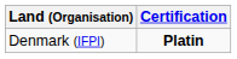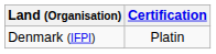 <table class="wikitable">
 <tr>
 <th>Land <small>(Organisation)</small></th>
 <th><a href='#'>Certification</a></th>
 </tr>
 <tr>
 <td>Denmark <small>(<a href='#'>IFPI</a>)</small></td>
-<td style="text-align:center;"><strong>Platin</strong></td>
+<td style="text-align:center;">Platin</td>
 </tr>
 </table>
